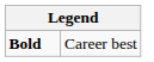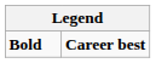 <table class="wikitable">
 <tr>
 <th colspan="2">Legend</th>
 </tr>
 <tr>
 <td style="width:3em;"><strong>Bold</strong></td>
-<td>Career best</td>
+<td><strong>Career best</strong></td>
 </tr>
 </table>
